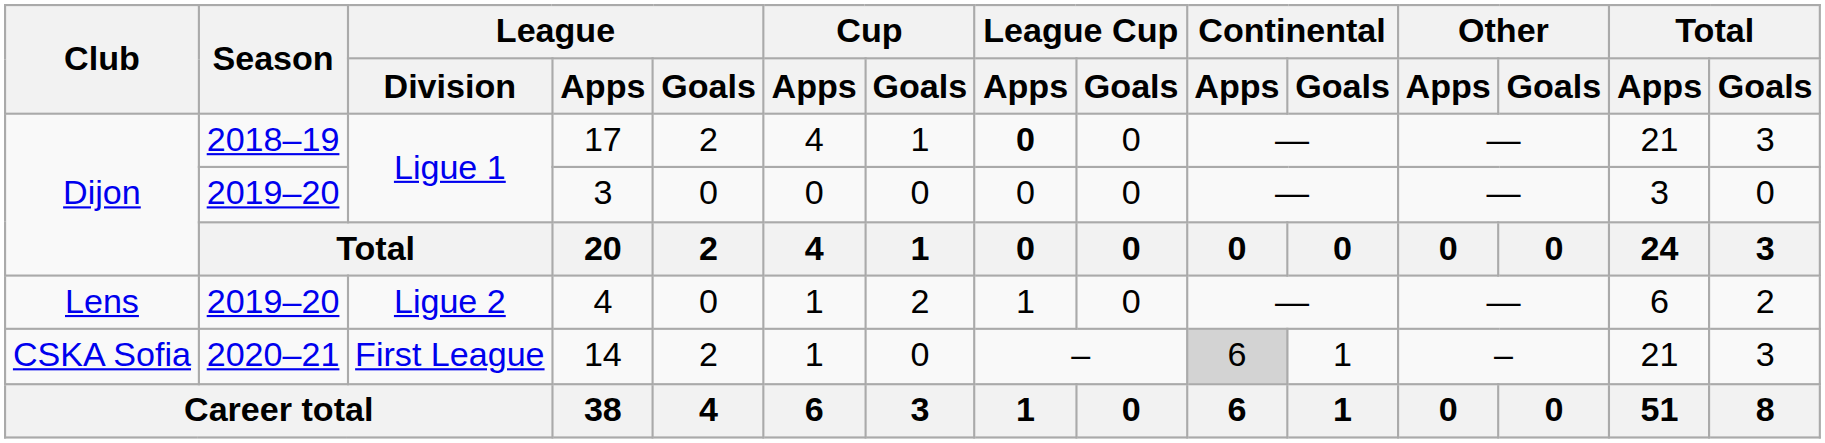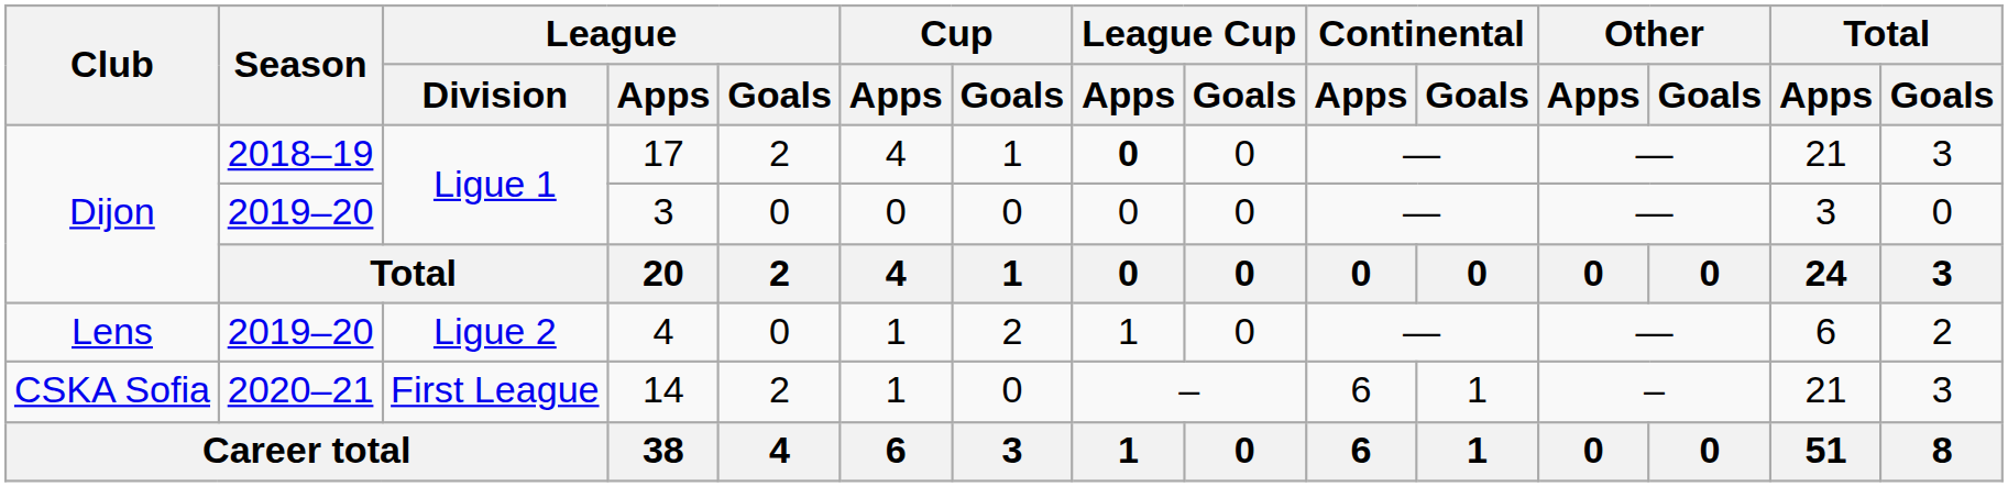 <table class="wikitable" style="text-align:center">
 <tr>
 <th rowspan="2">Club</th>
 <th rowspan="2">Season</th>
 <th colspan="3">League</th>
 <th colspan="2">Cup</th>
 <th colspan="2">League Cup</th>
 <th colspan="2">Continental</th>
 <th colspan="2">Other</th>
 <th colspan="2">Total</th>
 </tr>
 <tr>
 <th>Division</th>
 <th>Apps</th>
 <th>Goals</th>
 <th>Apps</th>
 <th>Goals</th>
 <th>Apps</th>
 <th>Goals</th>
 <th>Apps</th>
 <th>Goals</th>
 <th>Apps</th>
 <th>Goals</th>
 <th>Apps</th>
 <th>Goals</th>
 </tr>
 <tr>
 <td rowspan="3"><a href='#'>Dijon</a></td>
 <td><a href='#'>2018–19</a></td>
 <td rowspan="2"><a href='#'>Ligue 1</a></td>
 <td>17</td>
 <td>2</td>
 <td>4</td>
 <td>1</td>
 <td><strong>0</strong></td>
 <td>0</td>
 <td colspan="2">—</td>
 <td colspan="2">—</td>
 <td>21</td>
 <td>3</td>
 </tr>
 <tr>
 <td><a href='#'>2019–20</a></td>
 <td>3</td>
 <td>0</td>
 <td>0</td>
 <td>0</td>
 <td>0</td>
 <td>0</td>
 <td colspan="2">—</td>
 <td colspan="2">—</td>
 <td>3</td>
 <td>0</td>
 </tr>
 <tr>
 <th colspan="2">Total</th>
 <th>20</th>
 <th>2</th>
 <th>4</th>
 <th>1</th>
 <th>0</th>
 <th>0</th>
 <th>0</th>
 <th>0</th>
 <th>0</th>
 <th>0</th>
 <th>24</th>
 <th>3</th>
 </tr>
 <tr>
 <td><a href='#'>Lens</a></td>
 <td><a href='#'>2019–20</a></td>
 <td><a href='#'>Ligue 2</a></td>
 <td>4</td>
 <td>0</td>
 <td>1</td>
 <td>2</td>
 <td>1</td>
 <td>0</td>
 <td colspan="2">—</td>
 <td colspan="2">—</td>
 <td>6</td>
 <td>2</td>
 </tr>
 <tr>
 <td><a href='#'>CSKA Sofia</a></td>
 <td><a href='#'>2020–21</a></td>
 <td><a href='#'>First League</a></td>
 <td>14</td>
 <td>2</td>
 <td>1</td>
 <td>0</td>
 <td colspan="2">–</td>
-<td style="background: lightgrey;">6</td>
+<td>6</td>
 <td>1</td>
 <td colspan="2">–</td>
 <td>21</td>
 <td>3</td>
 </tr>
 <tr>
 <th colspan="3">Career total</th>
 <th>38</th>
 <th>4</th>
 <th>6</th>
 <th>3</th>
 <th>1</th>
 <th>0</th>
 <th>6</th>
 <th>1</th>
 <th>0</th>
 <th>0</th>
 <th>51</th>
 <th>8</th>
 </tr>
 </table>
